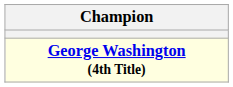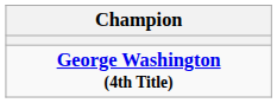 <table class="wikitable" style="margin: 0 auto; width: 220px;">
 <tr>
 <th>Champion</th>
 </tr>
 <tr>
 <th></th>
 </tr>
 <tr>
-<td align="center" style="background: lightyellow;"><strong><a href='#'>George Washington</a></strong><br><small><strong>(4th Title)</strong></small></td>
+<td align="center"><strong><a href='#'>George Washington</a></strong><br><small><strong>(4th Title)</strong></small></td>
 </tr>
 </table>
